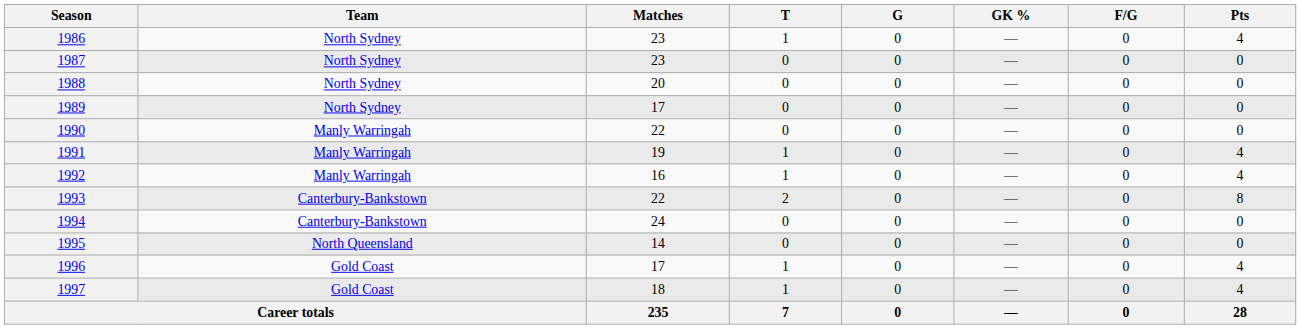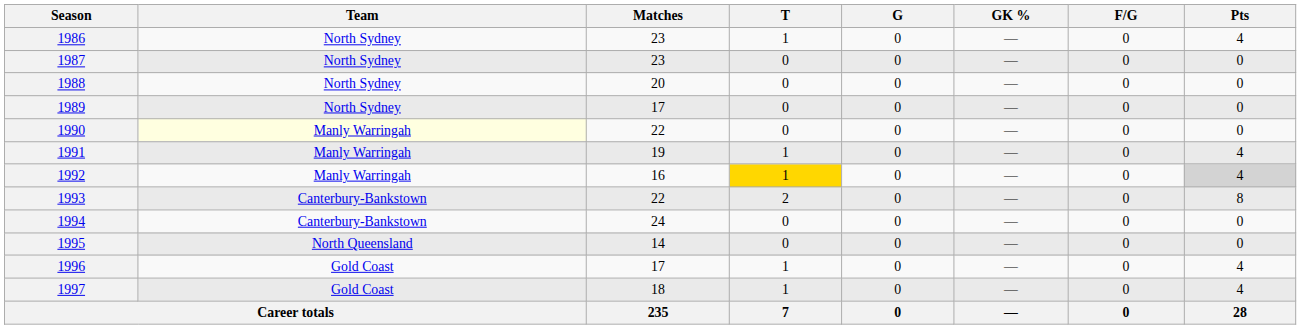 <table class="wikitable sortable"  style="font-size:90%; text-align:center; width:85%;">
 <tr>
 <th width=2%>Season</th>
 <th width=8%>Team</th>
 <th width=2%>Matches</th>
 <th width=2%>T</th>
 <th width=2%>G</th>
 <th width=2%>GK %</th>
 <th width=2%>F/G</th>
 <th width=2%>Pts</th>
 </tr>
 <tr>
 <th scope="row" style="text-align:center; font-weight:normal"><a href='#'>1986</a></th>
 <td style="text-align:center;"> <a href='#'>North Sydney</a></td>
 <td>23</td>
 <td>1</td>
 <td>0</td>
 <td>—</td>
 <td>0</td>
 <td>4</td>
 </tr>
 <tr style="background-color: #EAEAEA">
 <th scope="row" style="text-align:center; font-weight:normal"><a href='#'>1987</a></th>
 <td style="text-align:center;"> <a href='#'>North Sydney</a></td>
 <td>23</td>
 <td>0</td>
 <td>0</td>
 <td>—</td>
 <td>0</td>
 <td>0</td>
 </tr>
 <tr>
 <th scope="row" style="text-align:center; font-weight:normal"><a href='#'>1988</a></th>
 <td style="text-align:center;"> <a href='#'>North Sydney</a></td>
 <td>20</td>
 <td>0</td>
 <td>0</td>
 <td>—</td>
 <td>0</td>
 <td>0</td>
 </tr>
 <tr style="background-color: #EAEAEA">
 <th scope="row" style="text-align:center; font-weight:normal"><a href='#'>1989</a></th>
 <td style="text-align:center;"> <a href='#'>North Sydney</a></td>
 <td>17</td>
 <td>0</td>
 <td>0</td>
 <td>—</td>
 <td>0</td>
 <td>0</td>
 </tr>
 <tr>
 <th scope="row" style="text-align:center; font-weight:normal"><a href='#'>1990</a></th>
-<td style="text-align:center;"> <a href='#'>Manly Warringah</a></td>
+<td style="background: lightyellow; text-align:center;"> <a href='#'>Manly Warringah</a></td>
 <td>22</td>
 <td>0</td>
 <td>0</td>
 <td>—</td>
 <td>0</td>
 <td>0</td>
 </tr>
 <tr style="background-color: #EAEAEA">
 <th scope="row" style="text-align:center; font-weight:normal"><a href='#'>1991</a></th>
 <td style="text-align:center;"> <a href='#'>Manly Warringah</a></td>
 <td>19</td>
 <td>1</td>
 <td>0</td>
 <td>—</td>
 <td>0</td>
 <td>4</td>
 </tr>
 <tr>
 <th scope="row" style="text-align:center; font-weight:normal"><a href='#'>1992</a></th>
 <td style="text-align:center;"> <a href='#'>Manly Warringah</a></td>
 <td>16</td>
-<td>1</td>
+<td style="background: gold;">1</td>
 <td>0</td>
 <td>—</td>
 <td>0</td>
-<td>4</td>
+<td style="background: lightgrey;">4</td>
 </tr>
 <tr style="background-color: #EAEAEA">
 <th scope="row" style="text-align:center; font-weight:normal"><a href='#'>1993</a></th>
 <td style="text-align:center;"> <a href='#'>Canterbury-Bankstown</a></td>
 <td>22</td>
 <td>2</td>
 <td>0</td>
 <td>—</td>
 <td>0</td>
 <td>8</td>
 </tr>
 <tr>
 <th scope="row" style="text-align:center; font-weight:normal"><a href='#'>1994</a></th>
 <td style="text-align:center;"> <a href='#'>Canterbury-Bankstown</a></td>
 <td>24</td>
 <td>0</td>
 <td>0</td>
 <td>—</td>
 <td>0</td>
 <td>0</td>
 </tr>
 <tr style="background-color: #EAEAEA">
 <th scope="row" style="text-align:center; font-weight:normal"><a href='#'>1995</a></th>
 <td style="text-align:center;"> <a href='#'>North Queensland</a></td>
 <td>14</td>
 <td>0</td>
 <td>0</td>
 <td>—</td>
 <td>0</td>
 <td>0</td>
 </tr>
 <tr>
 <th scope="row" style="text-align:center; font-weight:normal"><a href='#'>1996</a></th>
 <td style="text-align:center;"> <a href='#'>Gold Coast</a></td>
 <td>17</td>
 <td>1</td>
 <td>0</td>
 <td>—</td>
 <td>0</td>
 <td>4</td>
 </tr>
 <tr style="background-color: #EAEAEA">
 <th scope="row" style="text-align:center; font-weight:normal"><a href='#'>1997</a></th>
 <td style="text-align:center;"> <a href='#'>Gold Coast</a></td>
 <td>18</td>
 <td>1</td>
 <td>0</td>
 <td>—</td>
 <td>0</td>
 <td>4</td>
 </tr>
 <tr class="sortbottom">
 <th colspan=2>Career totals</th>
 <th>235</th>
 <th>7</th>
 <th>0</th>
 <th>—</th>
 <th>0</th>
 <th>28</th>
 </tr>
 </table>
